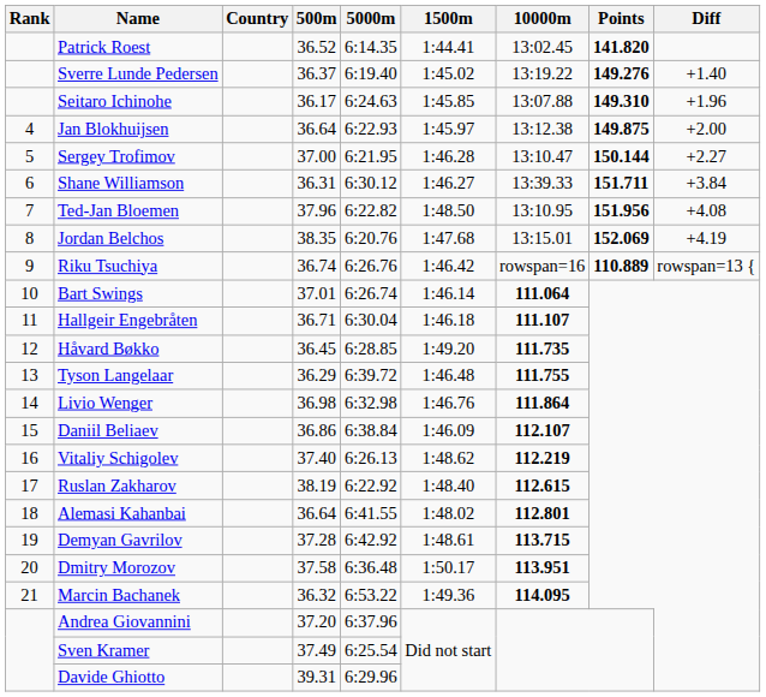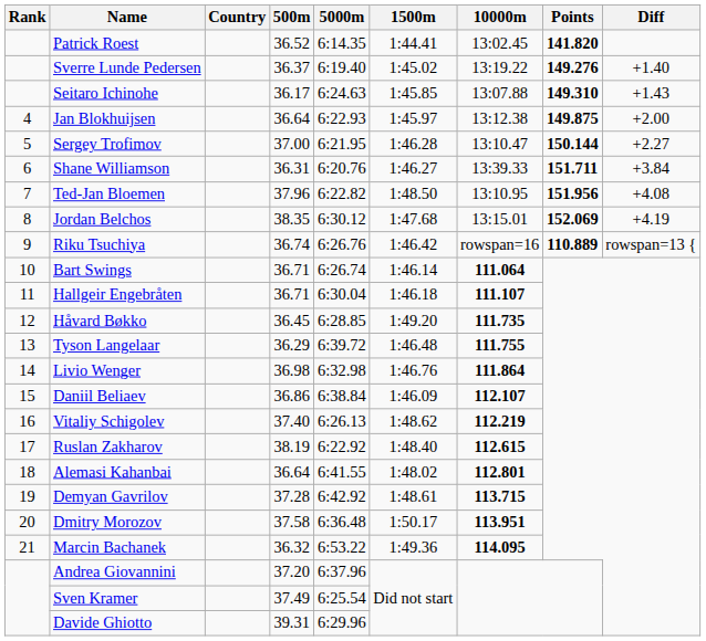 <table class="wikitable sortable" style="text-align:center">
 <tr>
 <th>Rank</th>
 <th>Name</th>
 <th>Country</th>
 <th>500m</th>
 <th>5000m</th>
 <th>1500m</th>
 <th>10000m</th>
 <th>Points</th>
 <th>Diff</th>
 </tr>
 <tr>
 <td></td>
 <td align=left><a href='#'>Patrick Roest</a></td>
 <td align=left></td>
 <td>36.52</td>
 <td>6:14.35</td>
 <td>1:44.41</td>
 <td>13:02.45</td>
 <td><strong>141.820</strong></td>
 <td></td>
 </tr>
 <tr>
 <td></td>
 <td align=left><a href='#'>Sverre Lunde Pedersen</a></td>
 <td align=left></td>
 <td>36.37</td>
 <td>6:19.40</td>
 <td>1:45.02</td>
 <td>13:19.22</td>
 <td><strong>149.276</strong></td>
 <td>+1.40</td>
 </tr>
 <tr>
 <td></td>
 <td align=left><a href='#'>Seitaro Ichinohe</a></td>
 <td align=left></td>
 <td>36.17</td>
 <td>6:24.63</td>
 <td>1:45.85</td>
 <td>13:07.88</td>
 <td><strong>149.310</strong></td>
-<td>+1.96</td>
+<td>+1.43</td>
 </tr>
 <tr>
 <td>4</td>
 <td align=left><a href='#'>Jan Blokhuijsen</a></td>
 <td align=left></td>
 <td>36.64</td>
 <td>6:22.93</td>
 <td>1:45.97</td>
 <td>13:12.38</td>
 <td><strong>149.875</strong></td>
 <td>+2.00</td>
 </tr>
 <tr>
 <td>5</td>
 <td align=left><a href='#'>Sergey Trofimov</a></td>
 <td align=left></td>
 <td>37.00</td>
 <td>6:21.95</td>
 <td>1:46.28</td>
 <td>13:10.47</td>
 <td><strong>150.144</strong></td>
 <td>+2.27</td>
 </tr>
 <tr>
 <td>6</td>
 <td align=left><a href='#'>Shane Williamson</a></td>
 <td align=left></td>
 <td>36.31</td>
-<td>6:30.12</td>
+<td>6:20.76</td>
 <td>1:46.27</td>
 <td>13:39.33</td>
 <td><strong>151.711</strong></td>
 <td>+3.84</td>
 </tr>
 <tr>
 <td>7</td>
 <td align=left><a href='#'>Ted-Jan Bloemen</a></td>
 <td align=left></td>
 <td>37.96</td>
 <td>6:22.82</td>
 <td>1:48.50</td>
 <td>13:10.95</td>
 <td><strong>151.956</strong></td>
 <td>+4.08</td>
 </tr>
 <tr>
 <td>8</td>
 <td align=left><a href='#'>Jordan Belchos</a></td>
 <td align=left></td>
 <td>38.35</td>
-<td>6:20.76</td>
+<td>6:30.12</td>
 <td>1:47.68</td>
 <td>13:15.01</td>
 <td><strong>152.069</strong></td>
 <td>+4.19</td>
 </tr>
 <tr>
 <td>9</td>
 <td align=left><a href='#'>Riku Tsuchiya</a></td>
 <td align=left></td>
 <td>36.74</td>
 <td>6:26.76</td>
 <td>1:46.42</td>
 <td>rowspan=16 </td>
 <td><strong>110.889</strong></td>
 <td>rowspan=13 {</td>
 </tr>
 <tr>
 <td>10</td>
 <td align=left><a href='#'>Bart Swings</a></td>
 <td align=left></td>
-<td>37.01</td>
+<td>36.71</td>
 <td>6:26.74</td>
 <td>1:46.14</td>
 <td><strong>111.064</strong></td>
 </tr>
 <tr>
 <td>11</td>
 <td align=left><a href='#'>Hallgeir Engebråten</a></td>
 <td align=left></td>
 <td>36.71</td>
 <td>6:30.04</td>
 <td>1:46.18</td>
 <td><strong>111.107</strong></td>
 </tr>
 <tr>
 <td>12</td>
 <td align=left><a href='#'>Håvard Bøkko</a></td>
 <td align=left></td>
 <td>36.45</td>
 <td>6:28.85</td>
 <td>1:49.20</td>
 <td><strong>111.735</strong></td>
 </tr>
 <tr>
 <td>13</td>
 <td align=left><a href='#'>Tyson Langelaar</a></td>
 <td align=left></td>
 <td>36.29</td>
 <td>6:39.72</td>
 <td>1:46.48</td>
 <td><strong>111.755</strong></td>
 </tr>
 <tr>
 <td>14</td>
 <td align=left><a href='#'>Livio Wenger</a></td>
 <td align=left></td>
 <td>36.98</td>
 <td>6:32.98</td>
 <td>1:46.76</td>
 <td><strong>111.864</strong></td>
 </tr>
 <tr>
 <td>15</td>
 <td align=left><a href='#'>Daniil Beliaev</a></td>
 <td align=left></td>
 <td>36.86</td>
 <td>6:38.84</td>
 <td>1:46.09</td>
 <td><strong>112.107</strong></td>
 </tr>
 <tr>
 <td>16</td>
 <td align=left><a href='#'>Vitaliy Schigolev</a></td>
 <td align=left></td>
 <td>37.40</td>
 <td>6:26.13</td>
 <td>1:48.62</td>
 <td><strong>112.219</strong></td>
 </tr>
 <tr>
 <td>17</td>
 <td align=left><a href='#'>Ruslan Zakharov</a></td>
 <td align=left></td>
 <td>38.19</td>
 <td>6:22.92</td>
 <td>1:48.40</td>
 <td><strong>112.615</strong></td>
 </tr>
 <tr>
 <td>18</td>
 <td align=left><a href='#'>Alemasi Kahanbai</a></td>
 <td align=left></td>
 <td>36.64</td>
 <td>6:41.55</td>
 <td>1:48.02</td>
 <td><strong>112.801</strong></td>
 </tr>
 <tr>
 <td>19</td>
 <td align=left><a href='#'>Demyan Gavrilov</a></td>
 <td align=left></td>
 <td>37.28</td>
 <td>6:42.92</td>
 <td>1:48.61</td>
 <td><strong>113.715</strong></td>
 </tr>
 <tr>
 <td>20</td>
 <td align=left><a href='#'>Dmitry Morozov</a></td>
 <td align=left></td>
 <td>37.58</td>
 <td>6:36.48</td>
 <td>1:50.17</td>
 <td><strong>113.951</strong></td>
 </tr>
 <tr>
 <td>21</td>
 <td align=left><a href='#'>Marcin Bachanek</a></td>
 <td align=left></td>
 <td>36.32</td>
 <td>6:53.22</td>
 <td>1:49.36</td>
 <td><strong>114.095</strong></td>
 </tr>
 <tr>
 <td rowspan="3"></td>
 <td align=left><a href='#'>Andrea Giovannini</a></td>
 <td align=left></td>
 <td>37.20</td>
 <td>6:37.96</td>
 <td rowspan="3">Did not start</td>
 <td colspan="2" rowspan="3"></td>
 </tr>
 <tr>
 <td align=left><a href='#'>Sven Kramer</a></td>
 <td align=left></td>
 <td>37.49</td>
 <td>6:25.54</td>
 </tr>
 <tr>
 <td align=left><a href='#'>Davide Ghiotto</a></td>
 <td align=left></td>
 <td>39.31</td>
 <td>6:29.96</td>
 </tr>
 </table>
